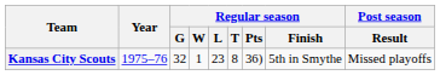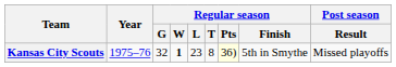 <table class="wikitable" style="font-size: 95%; text-align:center;">
 <tr>
 <th rowspan="2">Team</th>
 <th rowspan="2">Year</th>
 <th colspan="6"><a href='#'>Regular season</a></th>
 <th colspan="1"><a href='#'>Post season</a></th>
 </tr>
 <tr>
 <th>G</th>
 <th>W</th>
 <th>L</th>
 <th>T</th>
 <th>Pts</th>
 <th>Finish</th>
 <th>Result</th>
 </tr>
 <tr>
 <th><a href='#'>Kansas City Scouts</a></th>
 <td><a href='#'>1975–76</a></td>
 <td>32</td>
-<td>1</td>
+<td><strong>1</strong></td>
 <td>23</td>
 <td>8</td>
-<td>36)</td>
+<td style="background: lightyellow;">36)</td>
 <td>5th in Smythe</td>
 <td>Missed playoffs</td>
 </tr>
 </table>
